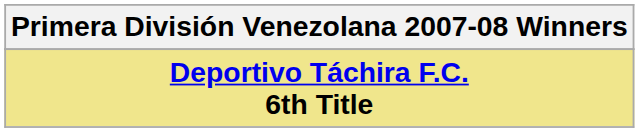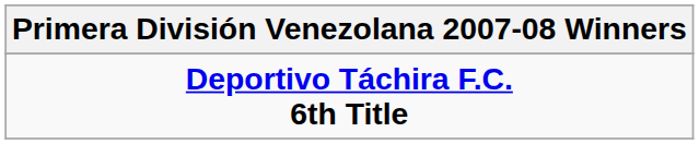 <table class="wikitable" style="text-align: center; margin: 0 auto;">
 <tr>
 <th>Primera División Venezolana 2007-08 Winners</th>
 </tr>
 <tr>
 </tr>
 <tr>
-<td style="background: khaki;"><strong><a href='#'>Deportivo Táchira F.C.</a></strong><br><strong>6th Title</strong></td>
+<td><strong><a href='#'>Deportivo Táchira F.C.</a></strong><br><strong>6th Title</strong></td>
 </tr>
 </table>
